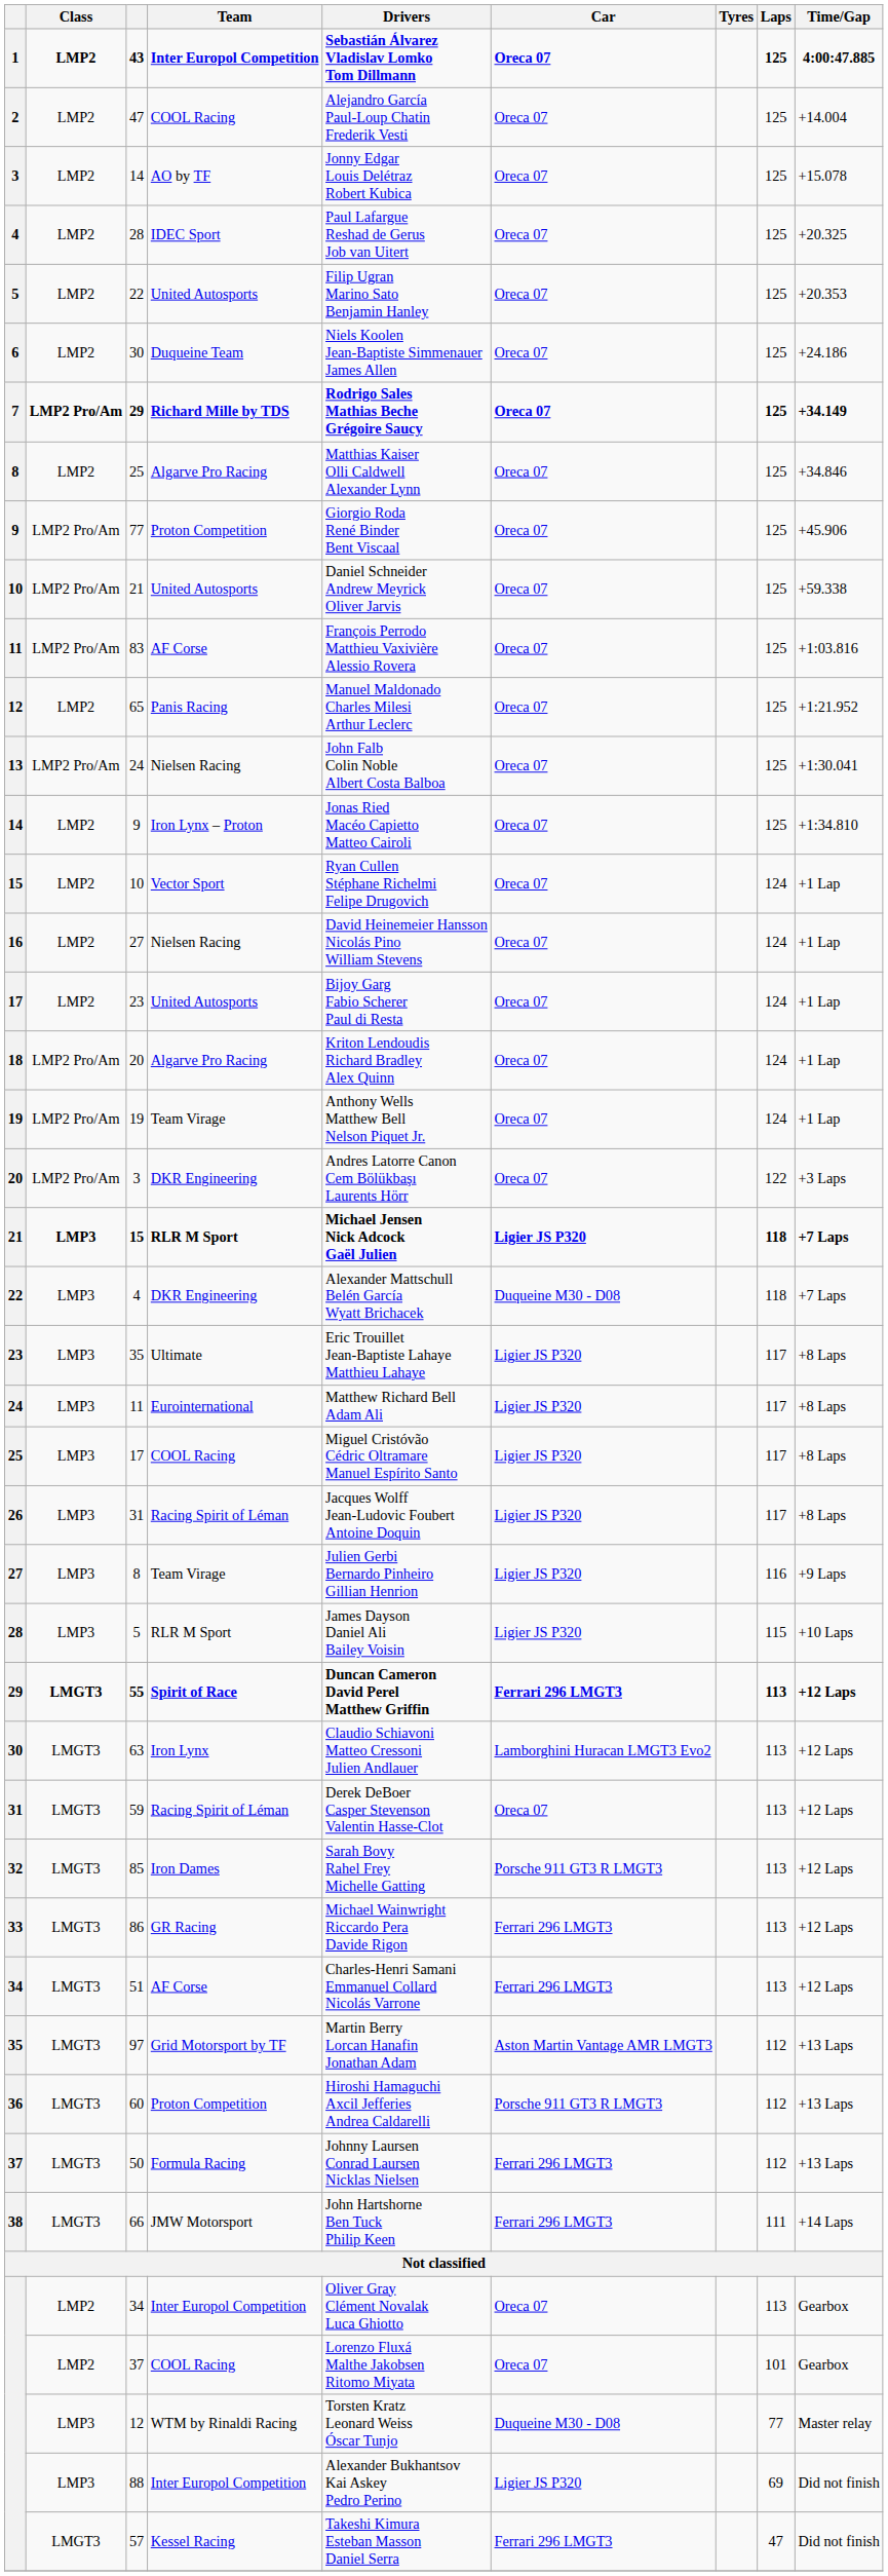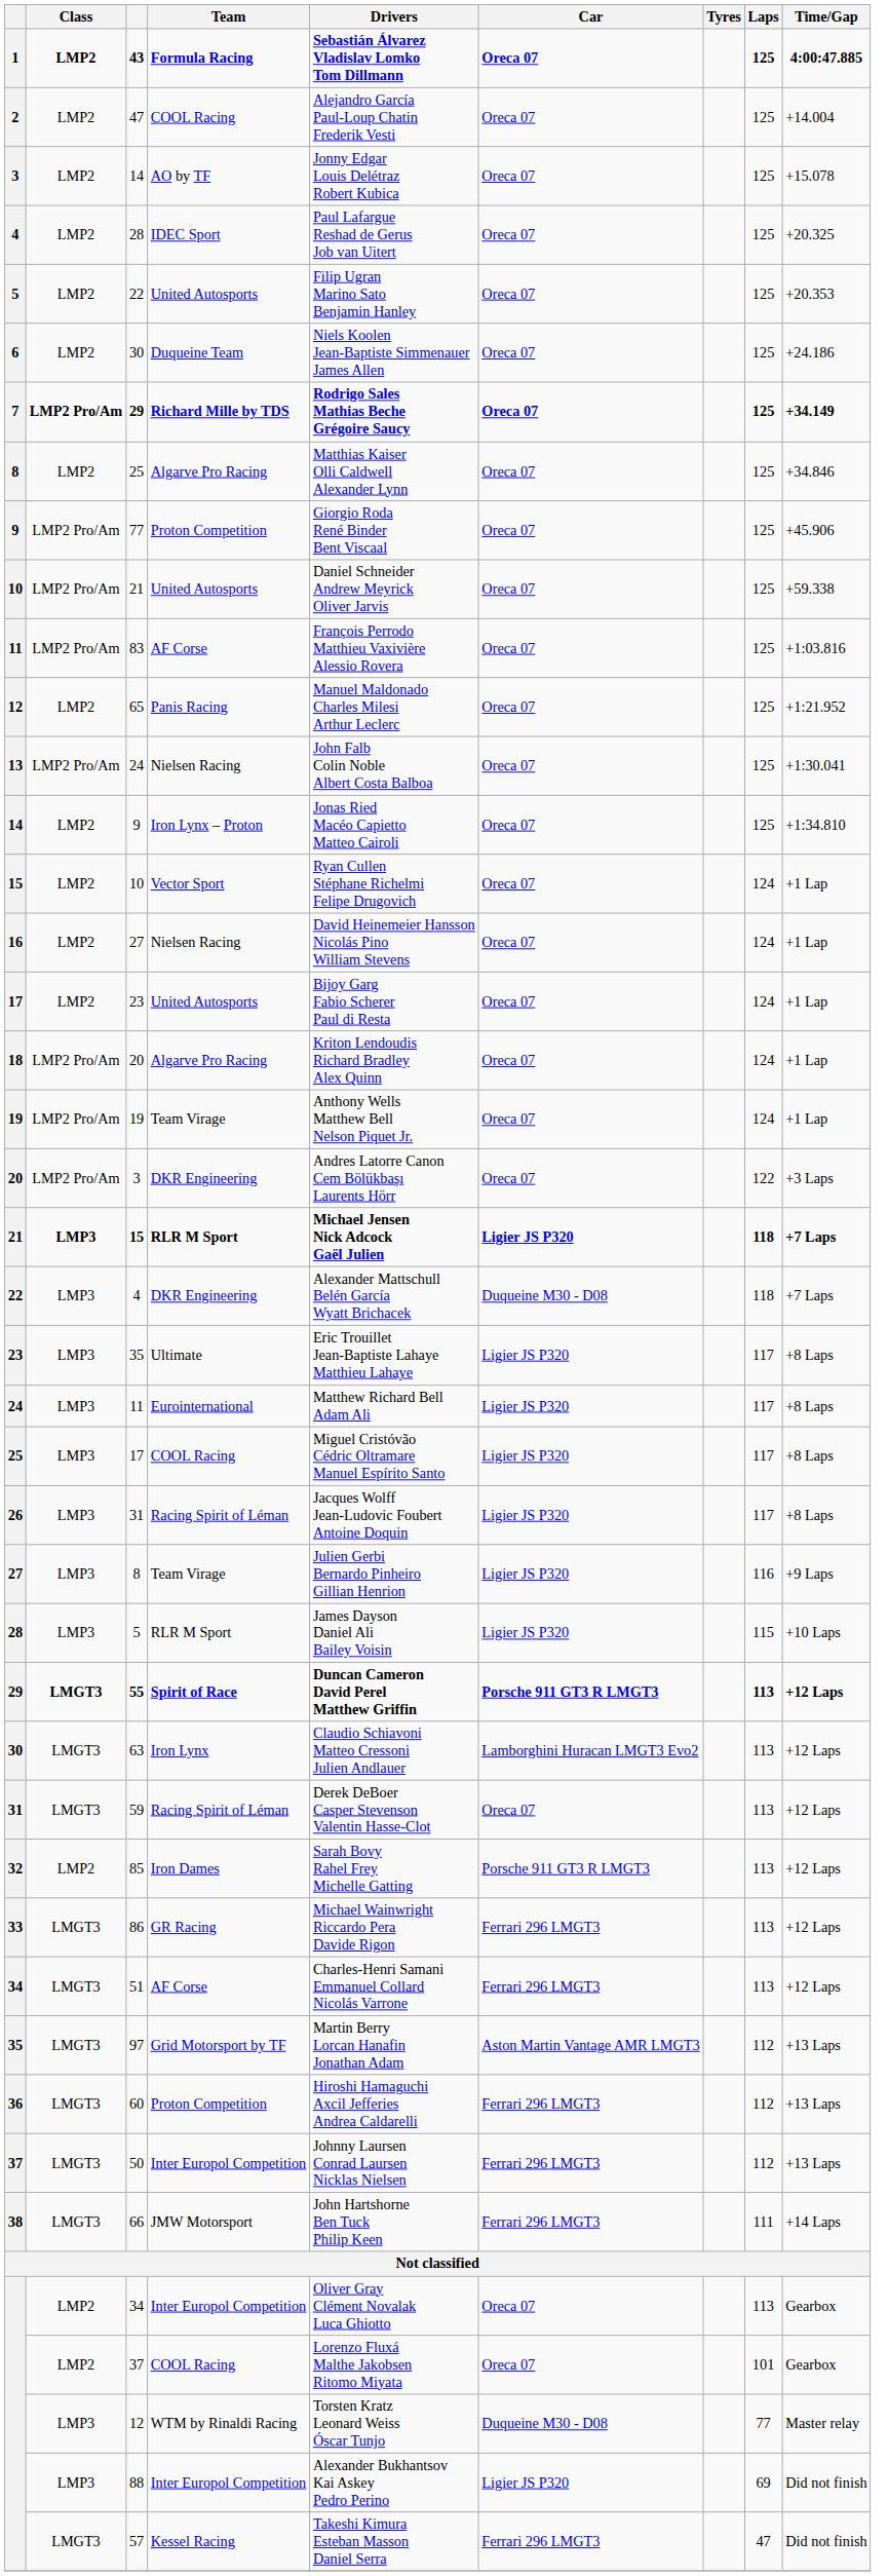 <table class="wikitable" style="font-size:95%;">
 <tr>
 <th></th>
 <th>Class</th>
 <th></th>
 <th>Team</th>
 <th>Drivers</th>
 <th>Car</th>
 <th>Tyres</th>
 <th>Laps</th>
 <th>Time/Gap</th>
 </tr>
 <tr style="font-weight: bold;">
 <th>1</th>
 <td align="center">LMP2</td>
 <td align="center">43</td>
-<td> <a href='#'>Inter Europol Competition</a></td>
+<td> <a href='#'>Formula Racing</a></td>
 <td> <a href='#'>Sebastián Álvarez</a><br> <a href='#'>Vladislav Lomko</a><br> <a href='#'>Tom Dillmann</a></td>
 <td><a href='#'>Oreca 07</a></td>
 <td align="center"></td>
 <td align="center">125</td>
 <td align="center">4:00:47.885</td>
 </tr>
 <tr>
 <th>2</th>
 <td align="center">LMP2</td>
 <td align="center">47</td>
 <td> <a href='#'>COOL Racing</a></td>
 <td> <a href='#'>Alejandro García</a><br> <a href='#'>Paul-Loup Chatin</a><br> <a href='#'>Frederik Vesti</a></td>
 <td><a href='#'>Oreca 07</a></td>
 <td align="center"></td>
 <td align="center">125</td>
 <td>+14.004</td>
 </tr>
 <tr>
 <th>3</th>
 <td align="center">LMP2</td>
 <td align="center">14</td>
 <td> <a href='#'>AO</a> by <a href='#'>TF</a></td>
 <td> <a href='#'>Jonny Edgar</a><br> <a href='#'>Louis Delétraz</a><br> <a href='#'>Robert Kubica</a></td>
 <td><a href='#'>Oreca 07</a></td>
 <td align="center"></td>
 <td align="center">125</td>
 <td>+15.078</td>
 </tr>
 <tr>
 <th>4</th>
 <td align="center">LMP2</td>
 <td align="center">28</td>
 <td> <a href='#'>IDEC Sport</a></td>
 <td> <a href='#'>Paul Lafargue</a><br> <a href='#'>Reshad de Gerus</a><br> <a href='#'>Job van Uitert</a></td>
 <td><a href='#'>Oreca 07</a></td>
 <td align="center"></td>
 <td align="center">125</td>
 <td>+20.325</td>
 </tr>
 <tr>
 <th>5</th>
 <td align="center">LMP2</td>
 <td align="center">22</td>
 <td> <a href='#'>United Autosports</a></td>
 <td> <a href='#'>Filip Ugran</a><br> <a href='#'>Marino Sato</a><br> <a href='#'>Benjamin Hanley</a></td>
 <td><a href='#'>Oreca 07</a></td>
 <td align="center"></td>
 <td align="center">125</td>
 <td>+20.353</td>
 </tr>
 <tr>
 <th>6</th>
 <td align="center">LMP2</td>
 <td align="center">30</td>
 <td> <a href='#'>Duqueine Team</a></td>
 <td> <a href='#'>Niels Koolen</a><br> <a href='#'>Jean-Baptiste Simmenauer</a><br> <a href='#'>James Allen</a></td>
 <td><a href='#'>Oreca 07</a></td>
 <td align="center"></td>
 <td align="center">125</td>
 <td>+24.186</td>
 </tr>
 <tr style="font-weight: bold;">
 <th>7</th>
 <td align="center">LMP2 Pro/Am</td>
 <td align="center">29</td>
 <td> <a href='#'>Richard Mille by TDS</a></td>
 <td> <a href='#'>Rodrigo Sales</a><br> <a href='#'>Mathias Beche</a><br> <a href='#'>Grégoire Saucy</a></td>
 <td><a href='#'>Oreca 07</a></td>
 <td align="center"></td>
 <td align="center">125</td>
 <td>+34.149</td>
 </tr>
 <tr>
 <th>8</th>
 <td align="center">LMP2</td>
 <td align="center">25</td>
 <td> <a href='#'>Algarve Pro Racing</a></td>
 <td> <a href='#'>Matthias Kaiser</a><br> <a href='#'>Olli Caldwell</a><br> <a href='#'>Alexander Lynn</a></td>
 <td><a href='#'>Oreca 07</a></td>
 <td align="center"></td>
 <td align="center">125</td>
 <td>+34.846</td>
 </tr>
 <tr>
 <th>9</th>
 <td align="center">LMP2 Pro/Am</td>
 <td align="center">77</td>
 <td> <a href='#'>Proton Competition</a></td>
 <td> <a href='#'>Giorgio Roda</a><br> <a href='#'>René Binder</a><br> <a href='#'>Bent Viscaal</a></td>
 <td><a href='#'>Oreca 07</a></td>
 <td align="center"></td>
 <td align="center">125</td>
 <td>+45.906</td>
 </tr>
 <tr>
 <th>10</th>
 <td align="center">LMP2 Pro/Am</td>
 <td align="center">21</td>
 <td> <a href='#'>United Autosports</a></td>
 <td> Daniel Schneider<br> <a href='#'>Andrew Meyrick</a><br> <a href='#'>Oliver Jarvis</a></td>
 <td><a href='#'>Oreca 07</a></td>
 <td align="center"></td>
 <td align="center">125</td>
 <td>+59.338</td>
 </tr>
 <tr>
 <th>11</th>
 <td align="center">LMP2 Pro/Am</td>
 <td align="center">83</td>
 <td> <a href='#'>AF Corse</a></td>
 <td> <a href='#'>François Perrodo</a><br> <a href='#'>Matthieu Vaxivière</a><br> <a href='#'>Alessio Rovera</a></td>
 <td><a href='#'>Oreca 07</a></td>
 <td align="center"></td>
 <td align="center">125</td>
 <td>+1:03.816</td>
 </tr>
 <tr>
 <th>12</th>
 <td align="center">LMP2</td>
 <td align="center">65</td>
 <td> <a href='#'>Panis Racing</a></td>
 <td> <a href='#'>Manuel Maldonado</a><br> <a href='#'>Charles Milesi</a><br> <a href='#'>Arthur Leclerc</a></td>
 <td><a href='#'>Oreca 07</a></td>
 <td align="center"></td>
 <td align="center">125</td>
 <td>+1:21.952</td>
 </tr>
 <tr>
 <th>13</th>
 <td align="center">LMP2 Pro/Am</td>
 <td align="center">24</td>
 <td> Nielsen Racing</td>
 <td> <a href='#'>John Falb</a><br> Colin Noble<br> <a href='#'>Albert Costa Balboa</a></td>
 <td><a href='#'>Oreca 07</a></td>
 <td align="center"></td>
 <td align="center">125</td>
 <td>+1:30.041</td>
 </tr>
 <tr>
 <th>14</th>
 <td align="center">LMP2</td>
 <td align="center">9</td>
 <td> <a href='#'>Iron Lynx</a> – <a href='#'>Proton</a></td>
 <td> <a href='#'>Jonas Ried</a><br> <a href='#'>Macéo Capietto</a><br> <a href='#'>Matteo Cairoli</a></td>
 <td><a href='#'>Oreca 07</a></td>
 <td align="center"></td>
 <td align="center">125</td>
 <td>+1:34.810</td>
 </tr>
 <tr>
 <th>15</th>
 <td align="center">LMP2</td>
 <td align="center">10</td>
 <td> <a href='#'>Vector Sport</a></td>
 <td> <a href='#'>Ryan Cullen</a><br> <a href='#'>Stéphane Richelmi</a><br> <a href='#'>Felipe Drugovich</a></td>
 <td><a href='#'>Oreca 07</a></td>
 <td align="center"></td>
 <td align="center">124</td>
 <td>+1 Lap</td>
 </tr>
 <tr>
 <th>16</th>
 <td align="center">LMP2</td>
 <td align="center">27</td>
 <td> Nielsen Racing</td>
 <td> <a href='#'>David Heinemeier Hansson</a><br> <a href='#'>Nicolás Pino</a><br> <a href='#'>William Stevens</a></td>
 <td><a href='#'>Oreca 07</a></td>
 <td align="center"></td>
 <td align="center">124</td>
 <td>+1 Lap</td>
 </tr>
 <tr>
 <th>17</th>
 <td align="center">LMP2</td>
 <td align="center">23</td>
 <td> <a href='#'>United Autosports</a></td>
 <td> <a href='#'>Bijoy Garg</a><br> <a href='#'>Fabio Scherer</a><br> <a href='#'>Paul di Resta</a></td>
 <td><a href='#'>Oreca 07</a></td>
 <td align="center"></td>
 <td align="center">124</td>
 <td>+1 Lap</td>
 </tr>
 <tr>
 <th>18</th>
 <td align="center">LMP2 Pro/Am</td>
 <td align="center">20</td>
 <td> <a href='#'>Algarve Pro Racing</a></td>
 <td> <a href='#'>Kriton Lendoudis</a><br> <a href='#'>Richard Bradley</a><br> <a href='#'>Alex Quinn</a></td>
 <td><a href='#'>Oreca 07</a></td>
 <td align="center"></td>
 <td align="center">124</td>
 <td>+1 Lap</td>
 </tr>
 <tr>
 <th>19</th>
 <td align="center">LMP2 Pro/Am</td>
 <td align="center">19</td>
 <td> Team Virage</td>
 <td> Anthony Wells<br> Matthew Bell<br> <a href='#'>Nelson Piquet Jr.</a></td>
 <td><a href='#'>Oreca 07</a></td>
 <td align="center"></td>
 <td align="center">124</td>
 <td>+1 Lap</td>
 </tr>
 <tr>
 <th>20</th>
 <td align="center">LMP2 Pro/Am</td>
 <td align="center">3</td>
 <td> <a href='#'>DKR Engineering</a></td>
 <td> Andres Latorre Canon<br> <a href='#'>Cem Bölükbaşı</a><br> <a href='#'>Laurents Hörr</a></td>
 <td><a href='#'>Oreca 07</a></td>
 <td align="center"></td>
 <td align="center">122</td>
 <td>+3 Laps</td>
 </tr>
 <tr style="font-weight: bold;">
 <th>21</th>
 <td align="center">LMP3</td>
 <td align="center">15</td>
 <td> RLR M Sport</td>
 <td> Michael Jensen<br> Nick Adcock<br> <a href='#'>Gaël Julien</a></td>
 <td><a href='#'>Ligier JS P320</a></td>
 <td align="center"></td>
 <td align="center">118</td>
 <td>+7 Laps</td>
 </tr>
 <tr>
 <th>22</th>
 <td align="center">LMP3</td>
 <td align="center">4</td>
 <td> <a href='#'>DKR Engineering</a></td>
 <td> Alexander Mattschull<br> <a href='#'>Belén García</a><br> <a href='#'>Wyatt Brichacek</a></td>
 <td><a href='#'>Duqueine M30 - D08</a></td>
 <td align="center"></td>
 <td align="center">118</td>
 <td>+7 Laps</td>
 </tr>
 <tr>
 <th>23</th>
 <td align="center">LMP3</td>
 <td align="center">35</td>
 <td> Ultimate</td>
 <td> Eric Trouillet<br> Jean-Baptiste Lahaye<br> <a href='#'>Matthieu Lahaye</a></td>
 <td><a href='#'>Ligier JS P320</a></td>
 <td align="center"></td>
 <td align="center">117</td>
 <td>+8 Laps</td>
 </tr>
 <tr>
 <th>24</th>
 <td align="center">LMP3</td>
 <td align="center">11</td>
 <td> <a href='#'>Eurointernational</a></td>
 <td> Matthew Richard Bell<br> <a href='#'>Adam Ali</a></td>
 <td><a href='#'>Ligier JS P320</a></td>
 <td align="center"></td>
 <td align="center">117</td>
 <td>+8 Laps</td>
 </tr>
 <tr>
 <th>25</th>
 <td align="center">LMP3</td>
 <td align="center">17</td>
 <td> <a href='#'>COOL Racing</a></td>
 <td> Miguel Cristóvão<br> <a href='#'>Cédric Oltramare</a><br> <a href='#'>Manuel Espírito Santo</a></td>
 <td><a href='#'>Ligier JS P320</a></td>
 <td align="center"></td>
 <td align="center">117</td>
 <td>+8 Laps</td>
 </tr>
 <tr>
 <th>26</th>
 <td align="center">LMP3</td>
 <td align="center">31</td>
 <td> <a href='#'>Racing Spirit of Léman</a></td>
 <td> Jacques Wolff<br> Jean-Ludovic Foubert<br> <a href='#'>Antoine Doquin</a></td>
 <td><a href='#'>Ligier JS P320</a></td>
 <td align="center"></td>
 <td align="center">117</td>
 <td>+8 Laps</td>
 </tr>
 <tr>
 <th>27</th>
 <td align="center">LMP3</td>
 <td align="center">8</td>
 <td> Team Virage</td>
 <td> <a href='#'>Julien Gerbi</a><br> <a href='#'>Bernardo Pinheiro</a><br> <a href='#'>Gillian Henrion</a></td>
 <td><a href='#'>Ligier JS P320</a></td>
 <td align="center"></td>
 <td align="center">116</td>
 <td>+9 Laps</td>
 </tr>
 <tr>
 <th>28</th>
 <td align="center">LMP3</td>
 <td align="center">5</td>
 <td> RLR M Sport</td>
 <td> James Dayson<br> Daniel Ali<br> <a href='#'>Bailey Voisin</a></td>
 <td><a href='#'>Ligier JS P320</a></td>
 <td align="center"></td>
 <td align="center">115</td>
 <td>+10 Laps</td>
 </tr>
 <tr style="font-weight: bold;">
 <th>29</th>
 <td align="center">LMGT3</td>
 <td align="center">55</td>
 <td> <a href='#'>Spirit of Race</a></td>
 <td> Duncan Cameron<br> David Perel<br> Matthew Griffin</td>
-<td><a href='#'>Ferrari 296 LMGT3</a></td>
+<td><a href='#'>Porsche 911 GT3 R LMGT3</a></td>
 <td align="center"></td>
 <td align="center">113</td>
 <td>+12 Laps</td>
 </tr>
 <tr>
 <th>30</th>
 <td align="center">LMGT3</td>
 <td align="center">63</td>
 <td> <a href='#'>Iron Lynx</a></td>
 <td> <a href='#'>Claudio Schiavoni</a><br> <a href='#'>Matteo Cressoni</a><br> <a href='#'>Julien Andlauer</a></td>
 <td><a href='#'>Lamborghini Huracan LMGT3 Evo2</a></td>
 <td align="center"></td>
 <td align="center">113</td>
 <td>+12 Laps</td>
 </tr>
 <tr>
 <th>31</th>
 <td align="center">LMGT3</td>
 <td align="center">59</td>
 <td> <a href='#'>Racing Spirit of Léman</a></td>
 <td> Derek DeBoer<br> <a href='#'>Casper Stevenson</a><br> <a href='#'>Valentin Hasse-Clot</a></td>
 <td><a href='#'>Oreca 07</a></td>
 <td align="center"></td>
 <td align="center">113</td>
 <td>+12 Laps</td>
 </tr>
 <tr>
 <th>32</th>
-<td align="center">LMGT3</td>
+<td align="center">LMP2</td>
 <td align="center">85</td>
 <td> <a href='#'>Iron Dames</a></td>
 <td> <a href='#'>Sarah Bovy</a><br> <a href='#'>Rahel Frey</a><br> <a href='#'>Michelle Gatting</a></td>
 <td><a href='#'>Porsche 911 GT3 R LMGT3</a></td>
 <td align="center"></td>
 <td align="center">113</td>
 <td>+12 Laps</td>
 </tr>
 <tr>
 <th>33</th>
 <td align="center">LMGT3</td>
 <td align="center">86</td>
 <td> <a href='#'>GR Racing</a></td>
 <td> <a href='#'>Michael Wainwright</a><br> <a href='#'>Riccardo Pera</a><br> <a href='#'>Davide Rigon</a></td>
 <td><a href='#'>Ferrari 296 LMGT3</a></td>
 <td align="center"></td>
 <td align="center">113</td>
 <td>+12 Laps</td>
 </tr>
 <tr>
 <th>34</th>
 <td align="center">LMGT3</td>
 <td align="center">51</td>
 <td> <a href='#'>AF Corse</a></td>
 <td> Charles-Henri Samani<br> <a href='#'>Emmanuel Collard</a><br> <a href='#'>Nicolás Varrone</a></td>
 <td><a href='#'>Ferrari 296 LMGT3</a></td>
 <td align="center"></td>
 <td align="center">113</td>
 <td>+12 Laps</td>
 </tr>
 <tr>
 <th>35</th>
 <td align="center">LMGT3</td>
 <td align="center">97</td>
 <td> <a href='#'>Grid Motorsport by TF</a></td>
 <td> Martin Berry<br> <a href='#'>Lorcan Hanafin</a><br> <a href='#'>Jonathan Adam</a></td>
 <td><a href='#'>Aston Martin Vantage AMR LMGT3</a></td>
 <td align="center"></td>
 <td align="center">112</td>
 <td>+13 Laps</td>
 </tr>
 <tr>
 <th>36</th>
 <td align="center">LMGT3</td>
 <td align="center">60</td>
 <td> <a href='#'>Proton Competition</a></td>
 <td> <a href='#'>Hiroshi Hamaguchi</a><br> <a href='#'>Axcil Jefferies</a><br> <a href='#'>Andrea Caldarelli</a></td>
-<td><a href='#'>Porsche 911 GT3 R LMGT3</a></td>
+<td><a href='#'>Ferrari 296 LMGT3</a></td>
 <td align="center"></td>
 <td align="center">112</td>
 <td>+13 Laps</td>
 </tr>
 <tr>
 <th>37</th>
 <td align="center">LMGT3</td>
 <td align="center">50</td>
-<td> <a href='#'>Formula Racing</a></td>
+<td> <a href='#'>Inter Europol Competition</a></td>
 <td> Johnny Laursen<br> <a href='#'>Conrad Laursen</a><br> <a href='#'>Nicklas Nielsen</a></td>
 <td><a href='#'>Ferrari 296 LMGT3</a></td>
 <td align="center"></td>
 <td align="center">112</td>
 <td>+13 Laps</td>
 </tr>
 <tr>
 <th>38</th>
 <td align="center">LMGT3</td>
 <td align="center">66</td>
 <td> JMW Motorsport</td>
 <td> John Hartshorne<br> <a href='#'>Ben Tuck</a><br> <a href='#'>Philip Keen</a></td>
 <td><a href='#'>Ferrari 296 LMGT3</a></td>
 <td align="center"></td>
 <td align="center">111</td>
 <td>+14 Laps</td>
 </tr>
 <tr>
 <th colspan="9">Not classified</th>
 </tr>
 <tr>
 <th rowspan="5"></th>
 <td align="center">LMP2</td>
 <td align="center">34</td>
 <td> <a href='#'>Inter Europol Competition</a></td>
 <td> <a href='#'>Oliver Gray</a><br> <a href='#'>Clément Novalak</a><br> <a href='#'>Luca Ghiotto</a></td>
 <td><a href='#'>Oreca 07</a></td>
 <td align="center"></td>
 <td align="center">113</td>
 <td>Gearbox</td>
 </tr>
 <tr>
 <td align="center">LMP2</td>
 <td align="center">37</td>
 <td> <a href='#'>COOL Racing</a></td>
 <td> <a href='#'>Lorenzo Fluxá</a><br> <a href='#'>Malthe Jakobsen</a><br> <a href='#'>Ritomo Miyata</a></td>
 <td><a href='#'>Oreca 07</a></td>
 <td align="center"></td>
 <td align="center">101</td>
 <td>Gearbox</td>
 </tr>
 <tr>
 <td align="center">LMP3</td>
 <td align="center">12</td>
 <td> WTM by Rinaldi Racing</td>
 <td> Torsten Kratz<br> Leonard Weiss<br> <a href='#'>Óscar Tunjo</a></td>
 <td><a href='#'>Duqueine M30 - D08</a></td>
 <td align="center"></td>
 <td align="center">77</td>
 <td>Master relay</td>
 </tr>
 <tr>
 <td align="center">LMP3</td>
 <td align="center">88</td>
 <td> <a href='#'>Inter Europol Competition</a></td>
 <td> Alexander Bukhantsov<br> Kai Askey<br> <a href='#'>Pedro Perino</a></td>
 <td><a href='#'>Ligier JS P320</a></td>
 <td align="center"></td>
 <td align="center">69</td>
 <td>Did not finish</td>
 </tr>
 <tr>
 <td align="center">LMGT3</td>
 <td align="center">57</td>
 <td> <a href='#'>Kessel Racing</a></td>
 <td> <a href='#'>Takeshi Kimura</a><br> <a href='#'>Esteban Masson</a><br> <a href='#'>Daniel Serra</a></td>
 <td><a href='#'>Ferrari 296 LMGT3</a></td>
 <td align="center"></td>
 <td align="center">47</td>
 <td>Did not finish</td>
 </tr>
 <tr>
 </tr>
 </table>
